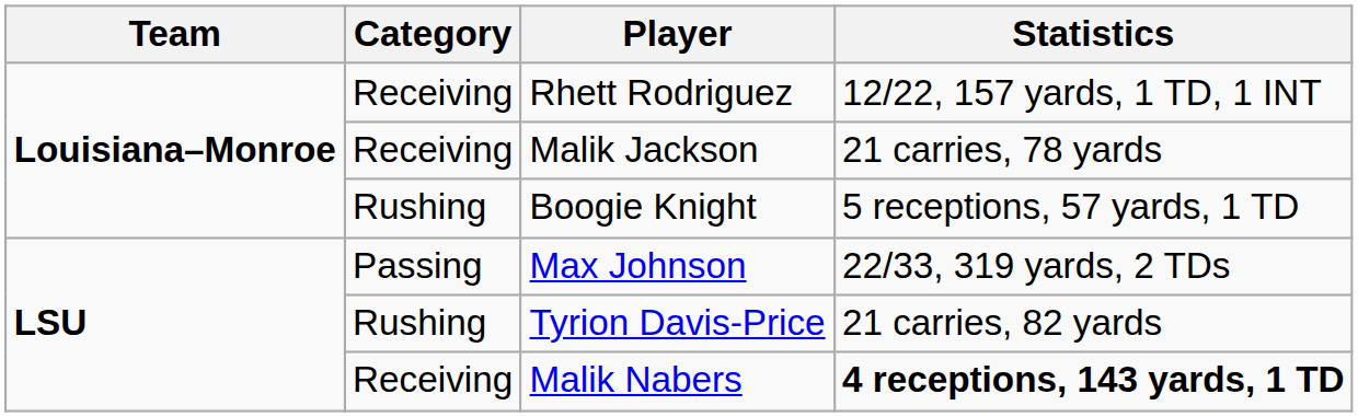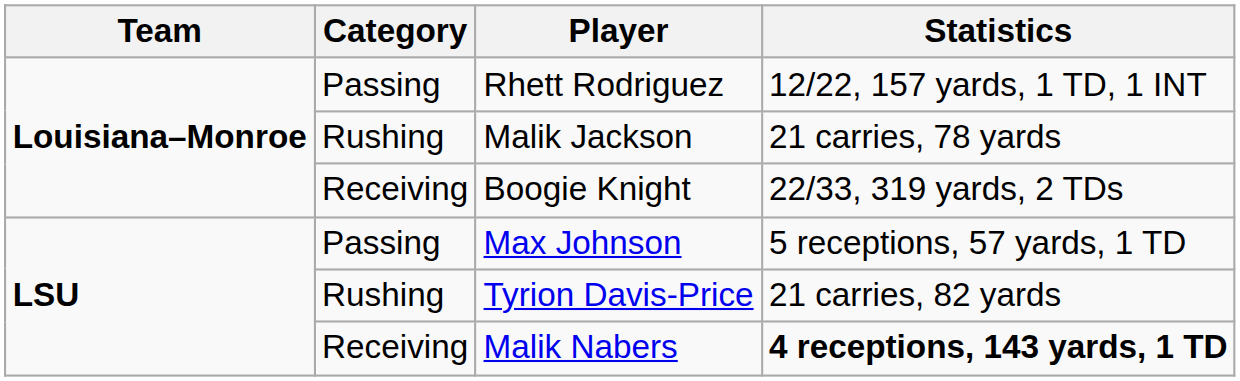 <table class="wikitable" style="float: left;">
 <tr>
 <th>Team</th>
 <th>Category</th>
 <th>Player</th>
 <th>Statistics</th>
 </tr>
 <tr>
 <td rowspan=3><strong>Louisiana–Monroe</strong></td>
-<td>Receiving</td>
+<td>Passing</td>
 <td>Rhett Rodriguez</td>
 <td>12/22, 157 yards, 1 TD, 1 INT</td>
 </tr>
 <tr>
-<td>Receiving</td>
+<td>Rushing</td>
 <td>Malik Jackson</td>
 <td>21 carries, 78 yards</td>
 </tr>
 <tr>
-<td>Rushing</td>
+<td>Receiving</td>
 <td>Boogie Knight</td>
-<td>5 receptions, 57 yards, 1 TD</td>
+<td>22/33, 319 yards, 2 TDs</td>
 </tr>
 <tr>
 <td rowspan=3><strong>LSU</strong></td>
 <td>Passing</td>
 <td><a href='#'>Max Johnson</a></td>
-<td>22/33, 319 yards, 2 TDs</td>
+<td>5 receptions, 57 yards, 1 TD</td>
 </tr>
 <tr>
 <td>Rushing</td>
 <td><a href='#'>Tyrion Davis-Price</a></td>
 <td>21 carries, 82 yards</td>
 </tr>
 <tr>
 <td>Receiving</td>
 <td><a href='#'>Malik Nabers</a></td>
 <td><strong>4 receptions, 143 yards, 1 TD</strong></td>
 </tr>
 </table>
